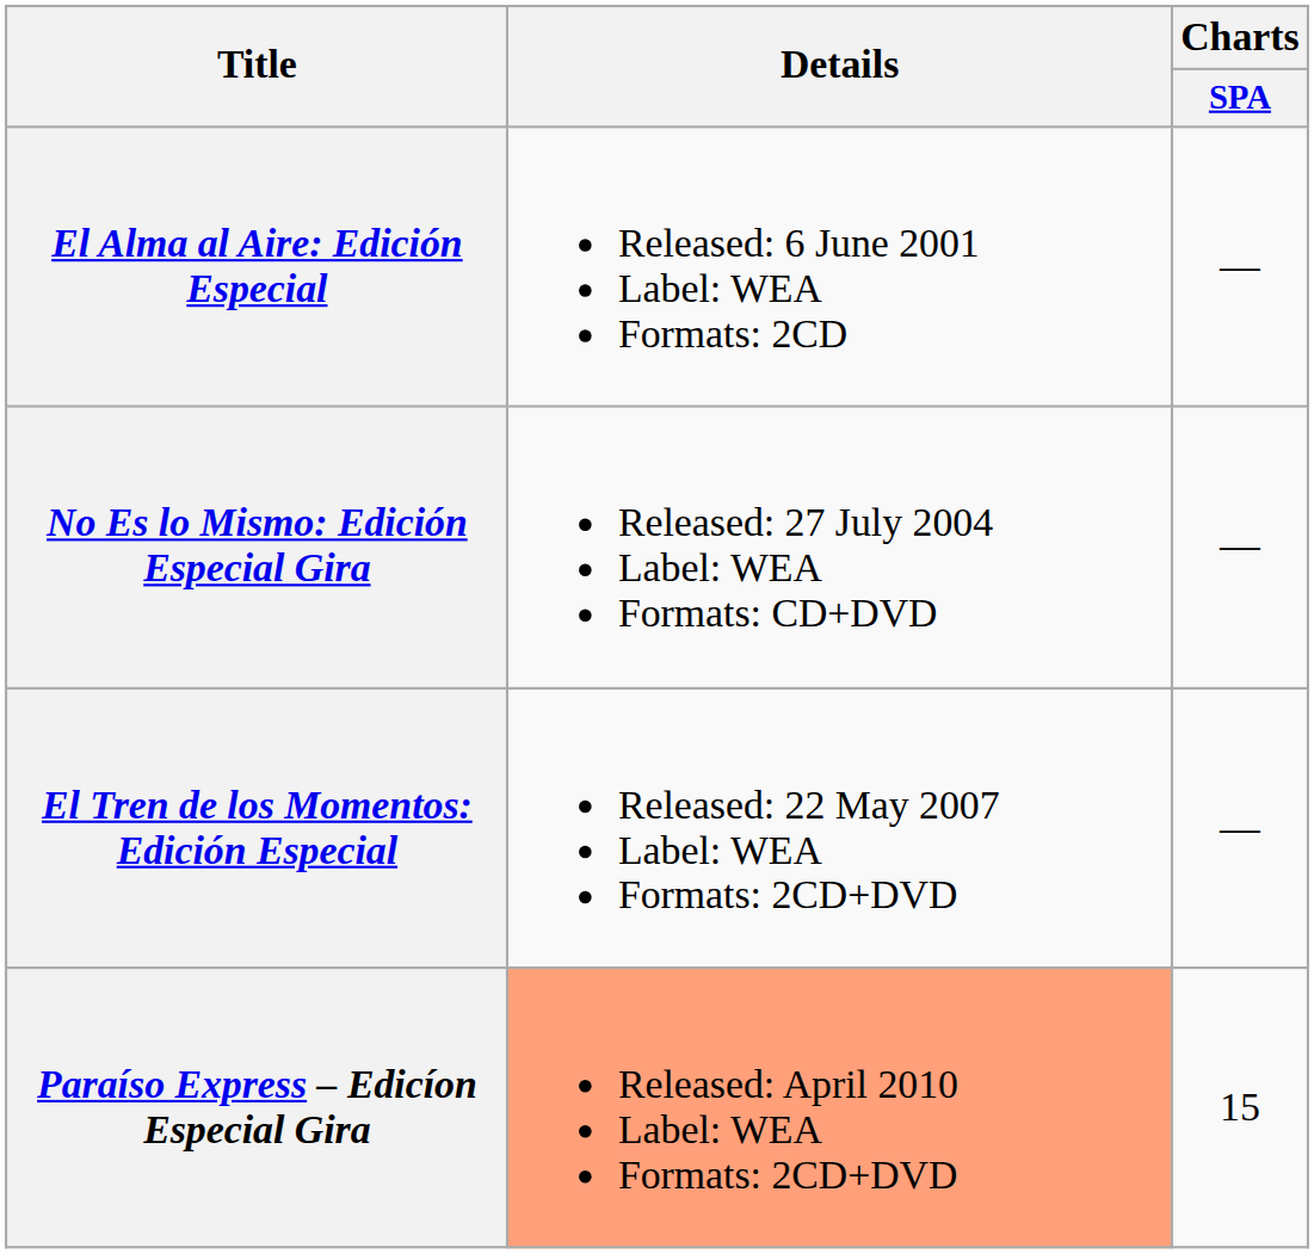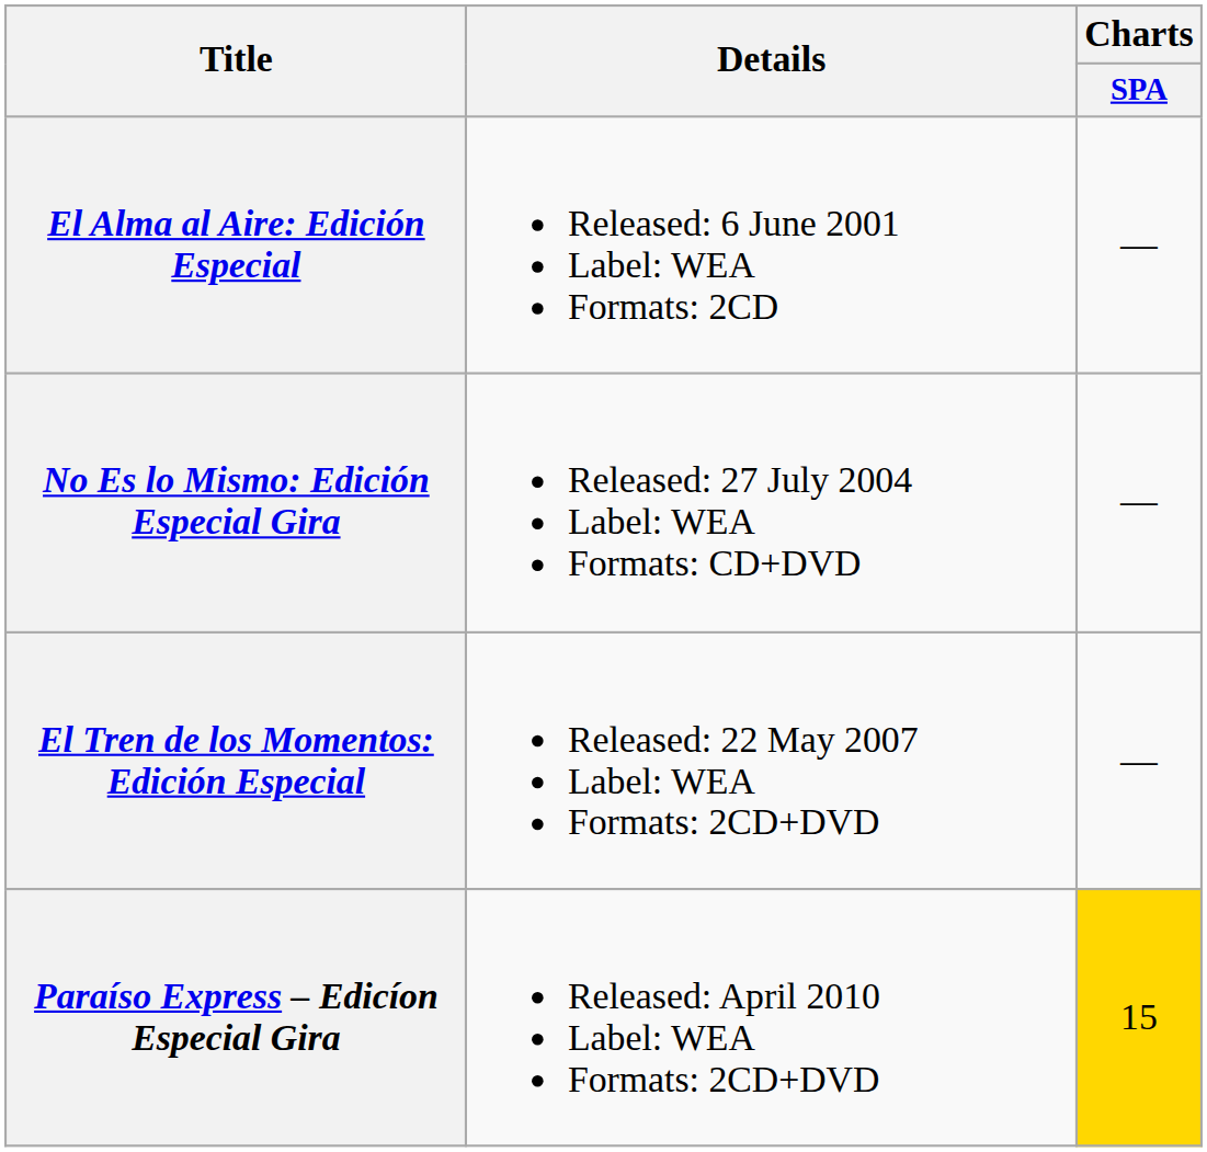 <table class="wikitable plainrowheaders" style="text-align:center;">
 <tr>
 <th rowspan="2" style="width:12em;">Title</th>
 <th rowspan="2" style="width:16em;">Details</th>
 <th colspan="1">Charts</th>
 </tr>
 <tr>
 <th scope="col" style="width:3em;font-size:85%;"><a href='#'>SPA</a><br></th>
 </tr>
 <tr>
 <th scope="row"><em><a href='#'>El Alma al Aire: Edición Especial</a></em></th>
 <td style="text-align:left;"><br><ul><li>Released: 6 June 2001</li><li>Label: WEA</li><li>Formats: 2CD</li></ul></td>
 <td>—</td>
 </tr>
 <tr>
 <th scope="row"><em><a href='#'>No Es lo Mismo: Edición Especial Gira</a></em></th>
 <td style="text-align:left;"><br><ul><li>Released: 27 July 2004</li><li>Label: WEA</li><li>Formats: CD+DVD</li></ul></td>
 <td>—</td>
 </tr>
 <tr>
 <th scope="row"><em><a href='#'>El Tren de los Momentos: Edición Especial</a></em></th>
 <td style="text-align:left;"><br><ul><li>Released: 22 May 2007</li><li>Label: WEA</li><li>Formats: 2CD+DVD</li></ul></td>
 <td>—</td>
 </tr>
 <tr>
 <th scope="row"><em><a href='#'>Paraíso Express</a> – Edicíon Especial Gira</em></th>
-<td style="background: lightsalmon; text-align:left;"><br><ul><li>Released: April 2010</li><li>Label: WEA</li><li>Formats: 2CD+DVD</li></ul></td>
-<td>15</td>
+<td style="text-align:left;"><br><ul><li>Released: April 2010</li><li>Label: WEA</li><li>Formats: 2CD+DVD</li></ul></td>
+<td style="background: gold;">15</td>
 </tr>
 </table>
